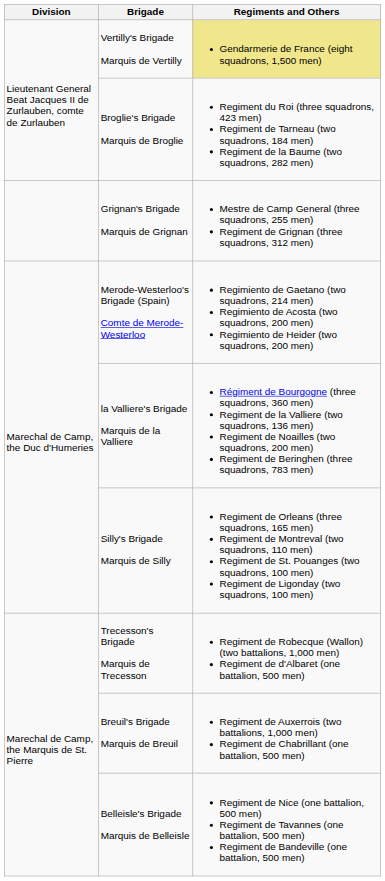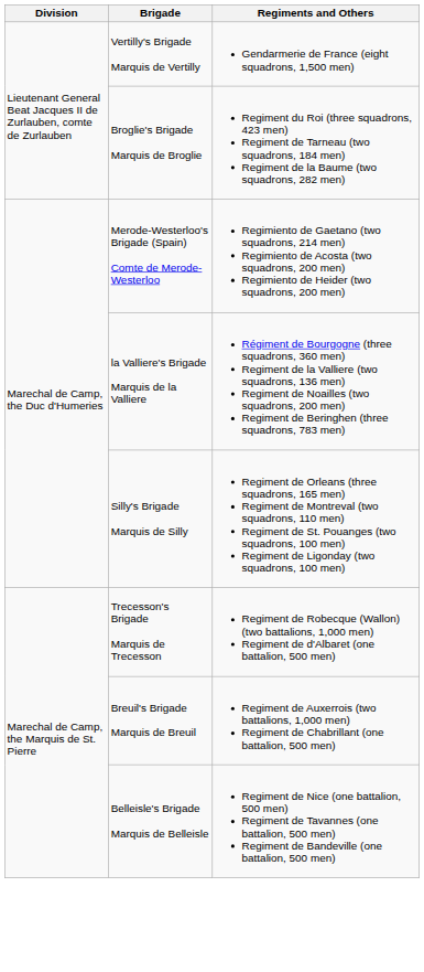 <table class="wikitable">
 <tr>
 <th width=25%>Division</th>
 <th width=25%>Brigade</th>
 <th>Regiments and Others</th>
 </tr>
 <tr>
 <td rowspan=2><br>Lieutenant General Beat Jacques II de Zurlauben, comte de Zurlauben</td>
 <td>Vertilly's Brigade<br><br> Marquis de Vertilly</td>
-<td style="background: khaki;"><br><ul><li>Gendarmerie de France (eight squadrons, 1,500 men)</li></ul></td>
+<td><br><ul><li>Gendarmerie de France (eight squadrons, 1,500 men)</li></ul></td>
 </tr>
 <tr>
 <td>Broglie's Brigade<br><br> Marquis de Broglie</td>
 <td><br><ul><li>Regiment du Roi (three squadrons, 423 men)</li><li>Regiment de Tarneau (two squadrons, 184 men)</li><li>Regiment de la Baume (two squadrons, 282 men)</li></ul></td>
-</tr>
-<tr>
-<td></td>
-<td>Grignan's Brigade<br><br> Marquis de Grignan</td>
-<td><br><ul><li>Mestre de Camp General (three squadrons, 255 men)</li><li>Regiment de Grignan (three squadrons, 312 men)</li></ul></td>
 </tr>
 <tr>
 <td rowspan=3><br>Marechal de Camp, the Duc d'Humeries</td>
 <td>Merode-Westerloo's Brigade (Spain)<br><br> <a href='#'>Comte de Merode-Westerloo</a></td>
 <td><br><ul><li>Regimiento de Gaetano (two squadrons, 214 men)</li><li>Regimiento de Acosta (two squadrons, 200 men)</li><li>Regimiento de Heider (two squadrons, 200 men)</li></ul></td>
 </tr>
 <tr>
 <td>la Valliere's Brigade<br><br> Marquis de la Valliere</td>
 <td><br><ul><li><a href='#'>Régiment de Bourgogne</a> (three squadrons, 360 men)</li><li>Regiment de la Valliere (two squadrons, 136 men)</li><li>Regiment de Noailles (two squadrons, 200 men)</li><li>Regiment de Beringhen (three squadrons, 783 men)</li></ul></td>
 </tr>
 <tr>
 <td>Silly's Brigade<br><br> Marquis de Silly</td>
 <td><br><ul><li>Regiment de Orleans (three squadrons, 165 men)</li><li>Regiment de Montreval (two squadrons, 110 men)</li><li>Regiment de St. Pouanges (two squadrons, 100 men)</li><li>Regiment de Ligonday (two squadrons, 100 men)</li></ul></td>
 </tr>
 <tr>
 <td rowspan=3><br>Marechal de Camp, the Marquis de St. Pierre</td>
 <td>Trecesson's Brigade<br><br> Marquis de Trecesson</td>
 <td><br><ul><li>Regiment de Robecque (Wallon) (two battalions, 1,000 men)</li><li>Regiment de d'Albaret (one battalion, 500 men)</li></ul></td>
 </tr>
 <tr>
 <td>Breuil's Brigade<br><br> Marquis de Breuil</td>
 <td><br><ul><li>Regiment de Auxerrois (two battalions, 1,000 men)</li><li>Regiment de Chabrillant (one battalion, 500 men)</li></ul></td>
 </tr>
 <tr>
 <td>Belleisle's Brigade<br><br> Marquis de Belleisle</td>
 <td><br><ul><li>Regiment de Nice (one battalion, 500 men)</li><li>Regiment de Tavannes (one battalion, 500 men)</li><li>Regiment de Bandeville (one battalion, 500 men)</li></ul></td>
 </tr>
 </table>
